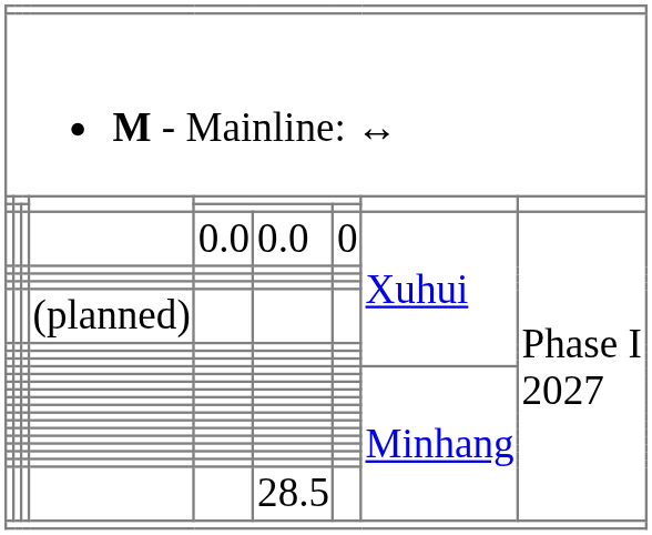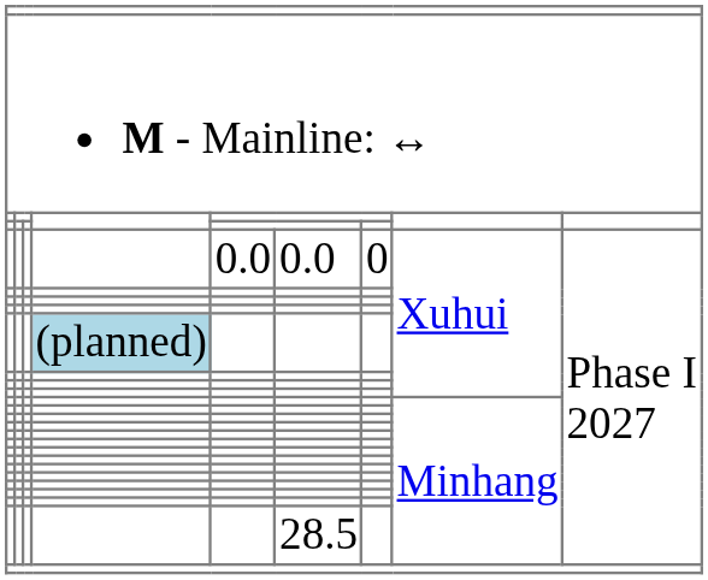 <table border=1 style="border-collapse: collapse;" class="mw-collapsible">
 <tr>
 <th colspan="11" style="text-align: center"></th>
 </tr>
 <tr>
 <td colspan="11" style="text-align: left"><br><ul><li><strong>M</strong> - Mainline:  ↔ </li></ul></td>
 </tr>
 <tr>
 <th rowspan="1" colspan="1"></th>
 <th colspan="2"></th>
 <th rowspan="2"></th>
 <th colspan="3" rowspan="1"></th>
 <th rowspan="2"></th>
 <th rowspan="2"></th>
 </tr>
 <tr>
 <th rowspan="1"></th>
 <th></th>
 <th></th>
 <th colspan="2"></th>
 <th></th>
 </tr>
 <tr>
 <td align="center"></td>
 <td></td>
 <td></td>
 <td></td>
 <td>0.0</td>
 <td>0.0</td>
 <td>0</td>
 <td rowspan="8"><a href='#'>Xuhui</a></td>
 <td rowspan="22">Phase I <br>2027</td>
 </tr>
 <tr>
 <td align="center"></td>
 <td></td>
 <td></td>
 <td> </td>
 <td></td>
 <td></td>
 <td></td>
 </tr>
 <tr>
 <td align="center"></td>
 <td></td>
 <td></td>
 <td></td>
 <td></td>
 <td></td>
 <td></td>
 </tr>
 <tr>
 <td align="center"></td>
 <td></td>
 <td></td>
 <td></td>
 <td></td>
 <td></td>
 <td></td>
 </tr>
 <tr>
 <td align="center"></td>
 <td></td>
 <td></td>
-<td> (planned)</td>
+<td style="background: lightblue;"> (planned)</td>
 <td></td>
 <td></td>
 <td></td>
 </tr>
 <tr>
 <td align="center"></td>
 <td></td>
 <td></td>
 <td></td>
 <td></td>
 <td></td>
 <td></td>
 </tr>
 <tr>
 <td align="center"></td>
 <td></td>
 <td></td>
 <td></td>
 <td></td>
 <td></td>
 <td></td>
 </tr>
 <tr>
 <td align="center"></td>
 <td></td>
 <td></td>
 <td></td>
 <td></td>
 <td></td>
 <td></td>
 </tr>
 <tr>
 <td align="center"></td>
 <td></td>
 <td></td>
 <td></td>
 <td></td>
 <td></td>
 <td></td>
 <td rowspan="14"><a href='#'>Minhang</a></td>
 </tr>
 <tr>
 <td align="center"></td>
 <td></td>
 <td></td>
 <td></td>
 <td></td>
 <td></td>
 <td></td>
 </tr>
 <tr>
 <td align="center"></td>
 <td></td>
 <td></td>
 <td></td>
 <td></td>
 <td></td>
 <td></td>
 </tr>
 <tr>
 <td align="center"></td>
 <td></td>
 <td></td>
 <td></td>
 <td></td>
 <td></td>
 <td></td>
 </tr>
 <tr>
 <td align="center"></td>
 <td></td>
 <td></td>
 <td></td>
 <td></td>
 <td></td>
 <td></td>
 </tr>
 <tr>
 <td align="center"></td>
 <td></td>
 <td></td>
 <td></td>
 <td></td>
 <td></td>
 <td></td>
 </tr>
 <tr>
 <td align="center"></td>
 <td></td>
 <td></td>
 <td></td>
 <td></td>
 <td></td>
 <td></td>
 </tr>
 <tr>
 <td align="center"></td>
 <td></td>
 <td></td>
 <td></td>
 <td></td>
 <td></td>
 <td></td>
 </tr>
 <tr>
 <td align="center"></td>
 <td></td>
 <td></td>
 <td></td>
 <td></td>
 <td></td>
 <td></td>
 </tr>
 <tr>
 <td align="center"></td>
 <td></td>
 <td></td>
 <td></td>
 <td></td>
 <td></td>
 <td></td>
 </tr>
 <tr>
 <td align="center"></td>
 <td></td>
 <td></td>
 <td></td>
 <td></td>
 <td></td>
 <td></td>
 </tr>
 <tr>
 <td align="center"></td>
 <td></td>
 <td></td>
 <td></td>
 <td></td>
 <td></td>
 <td></td>
 </tr>
 <tr>
 <td align="center"></td>
 <td></td>
 <td></td>
 <td></td>
 <td></td>
 <td></td>
 <td></td>
 </tr>
 <tr>
 <td align="center"></td>
 <td></td>
 <td></td>
 <td></td>
 <td></td>
 <td>28.5</td>
 <td></td>
 </tr>
 <tr style="background:#">
 <td colspan = "9"></td>
 </tr>
 </table>
